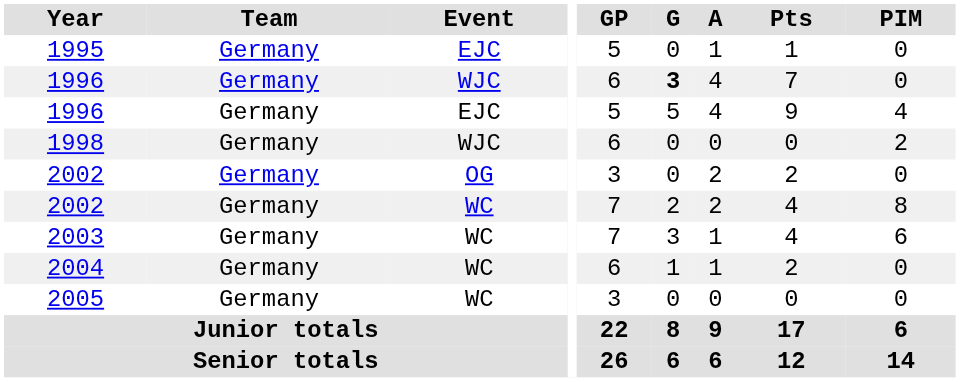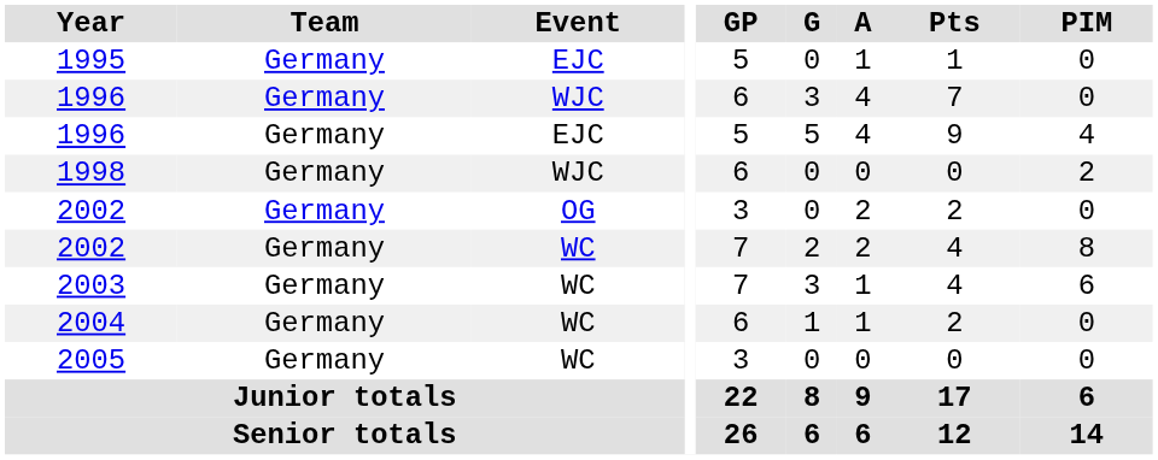 <table border="0" cellpadding="1" cellspacing="0" ID="Table3" style="text-align:center; width:40em">
 <tr ALIGN="center" bgcolor="#e0e0e0">
 <th>Year</th>
 <th>Team</th>
 <th>Event</th>
 <th rowspan="99" bgcolor="#ffffff"></th>
 <th>GP</th>
 <th>G</th>
 <th>A</th>
 <th>Pts</th>
 <th>PIM</th>
 </tr>
 <tr>
 <td><a href='#'>1995</a></td>
 <td><a href='#'>Germany</a></td>
 <td><a href='#'>EJC</a></td>
 <td>5</td>
 <td>0</td>
 <td>1</td>
 <td>1</td>
 <td>0</td>
 </tr>
 <tr bgcolor="#f0f0f0">
 <td><a href='#'>1996</a></td>
 <td><a href='#'>Germany</a></td>
 <td><a href='#'>WJC</a></td>
 <td>6</td>
-<td><strong>3</strong></td>
+<td>3</td>
 <td>4</td>
 <td>7</td>
 <td>0</td>
 </tr>
 <tr>
 <td><a href='#'>1996</a></td>
 <td>Germany</td>
 <td>EJC</td>
 <td>5</td>
 <td>5</td>
 <td>4</td>
 <td>9</td>
 <td>4</td>
 </tr>
 <tr bgcolor="#f0f0f0">
 <td><a href='#'>1998</a></td>
 <td>Germany</td>
 <td>WJC</td>
 <td>6</td>
 <td>0</td>
 <td>0</td>
 <td>0</td>
 <td>2</td>
 </tr>
 <tr>
 <td><a href='#'>2002</a></td>
 <td><a href='#'>Germany</a></td>
 <td><a href='#'>OG</a></td>
 <td>3</td>
 <td>0</td>
 <td>2</td>
 <td>2</td>
 <td>0</td>
 </tr>
 <tr bgcolor="#f0f0f0">
 <td><a href='#'>2002</a></td>
 <td>Germany</td>
 <td><a href='#'>WC</a></td>
 <td>7</td>
 <td>2</td>
 <td>2</td>
 <td>4</td>
 <td>8</td>
 </tr>
 <tr>
 <td><a href='#'>2003</a></td>
 <td>Germany</td>
 <td>WC</td>
 <td>7</td>
 <td>3</td>
 <td>1</td>
 <td>4</td>
 <td>6</td>
 </tr>
 <tr bgcolor="#f0f0f0">
 <td><a href='#'>2004</a></td>
 <td>Germany</td>
 <td>WC</td>
 <td>6</td>
 <td>1</td>
 <td>1</td>
 <td>2</td>
 <td>0</td>
 </tr>
 <tr>
 <td><a href='#'>2005</a></td>
 <td>Germany</td>
 <td>WC</td>
 <td>3</td>
 <td>0</td>
 <td>0</td>
 <td>0</td>
 <td>0</td>
 </tr>
 <tr bgcolor="#e0e0e0">
 <th colspan="3">Junior totals</th>
 <th>22</th>
 <th>8</th>
 <th>9</th>
 <th>17</th>
 <th>6</th>
 </tr>
 <tr bgcolor="#e0e0e0">
 <th colspan="3">Senior totals</th>
 <th>26</th>
 <th>6</th>
 <th>6</th>
 <th>12</th>
 <th>14</th>
 </tr>
 </table>
